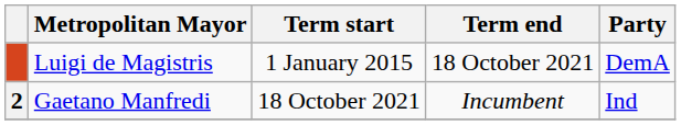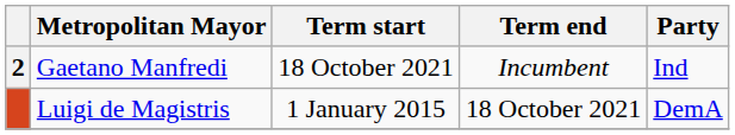 <table class="wikitable">
 <tr>
 <th class=unsortable> </th>
 <th>Metropolitan Mayor</th>
 <th>Term start</th>
 <th>Term end</th>
 <th>Party</th>
 </tr>
 <tr>
+<th style="background:">2</th>
+<td><a href='#'>Gaetano Manfredi</a></td>
+<td align=center>18 October 2021</td>
+<td align=center><em>Incumbent</em></td>
+<td><a href='#'>Ind</a></td>
+</tr>
+<tr>
 <th style="background:#d6441d;"></th>
 <td><a href='#'>Luigi de Magistris</a></td>
 <td align=center>1 January 2015</td>
 <td align=center>18 October 2021</td>
 <td><a href='#'>DemA</a></td>
 </tr>
 <tr>
-<th style="background:">2</th>
-<td><a href='#'>Gaetano Manfredi</a></td>
-<td align=center>18 October 2021</td>
-<td align=center><em>Incumbent</em></td>
-<td><a href='#'>Ind</a></td>
-</tr>
-<tr>
 </tr>
 </table>
